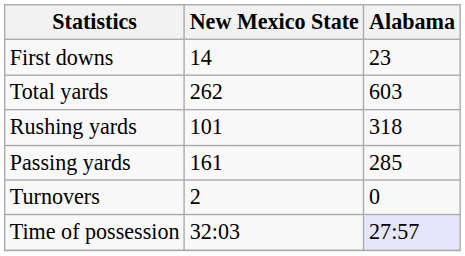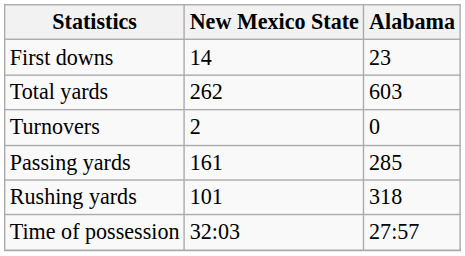 <table class="wikitable" style="float: left;">
 <tr>
 <th>Statistics</th>
 <th>New Mexico State</th>
 <th>Alabama</th>
 </tr>
 <tr>
 <td>First downs</td>
 <td>14</td>
 <td>23</td>
 </tr>
 <tr>
 <td>Total yards</td>
 <td>262</td>
 <td>603</td>
 </tr>
 <tr>
-<td>Rushing yards</td>
-<td>101</td>
-<td>318</td>
+<td>Turnovers</td>
+<td>2</td>
+<td>0</td>
 </tr>
 <tr>
 <td>Passing yards</td>
 <td>161</td>
 <td>285</td>
 </tr>
 <tr>
-<td>Turnovers</td>
-<td>2</td>
-<td>0</td>
+<td>Rushing yards</td>
+<td>101</td>
+<td>318</td>
 </tr>
 <tr>
 <td>Time of possession</td>
 <td>32:03</td>
-<td style="background: lavender;">27:57</td>
+<td>27:57</td>
 </tr>
 <tr>
 </tr>
 </table>
